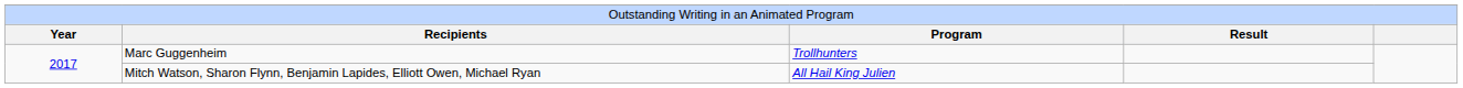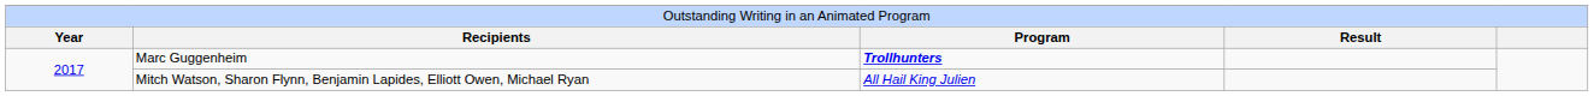 <table class="wikitable plainrowheaders" style="font-size: 90%" width=85%>
 <tr>
 </tr>
 <tr ---- bgcolor="#bfd7ff">
 <td colspan=6 align=center>Outstanding Writing in an Animated Program</td>
 </tr>
 <tr ---- bgcolor="#ebf5ff">
 <th scope="col" style="width:7%;">Year</th>
 <th scope="col" style="width:40%;">Recipients</th>
 <th scope="col" style="width:20%;">Program</th>
 <th scope="col" style="width:15%;">Result</th>
 <th scope="col" class="unsortable" style="width:5%;"></th>
 </tr>
 <tr>
 <td rowspan="2" style="text-align:center;"><a href='#'>2017</a></td>
 <td>Marc Guggenheim</td>
-<td><em><a href='#'>Trollhunters</a></em></td>
+<td><strong><em><a href='#'>Trollhunters</a></em></strong></td>
 <td></td>
 <td rowspan="2" style="text-align:center;"></td>
 </tr>
 <tr>
 <td>Mitch Watson, Sharon Flynn, Benjamin Lapides, Elliott Owen, Michael Ryan</td>
 <td><em><a href='#'>All Hail King Julien</a></em></td>
 <td></td>
 </tr>
 </table>
